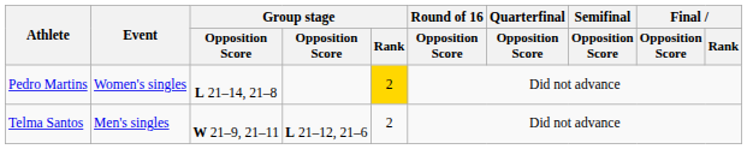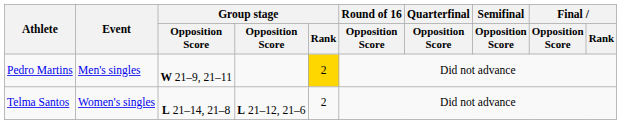 <table class="wikitable" style="font-size:90%">
 <tr>
 <th rowspan=2>Athlete</th>
 <th rowspan=2>Event</th>
 <th colspan=3>Group stage</th>
 <th>Round of 16</th>
 <th>Quarterfinal</th>
 <th>Semifinal</th>
 <th colspan=2>Final / </th>
 </tr>
 <tr style="font-size:95%">
 <th>Opposition<br>Score</th>
 <th>Opposition<br>Score</th>
 <th>Rank</th>
 <th>Opposition<br>Score</th>
 <th>Opposition<br>Score</th>
 <th>Opposition<br>Score</th>
 <th>Opposition<br>Score</th>
 <th>Rank</th>
 </tr>
 <tr align=center>
 <td align=left><a href='#'>Pedro Martins</a></td>
-<td align=left><a href='#'>Women's singles</a></td>
-<td><br><strong>L</strong> 21–14, 21–8</td>
+<td align=left><a href='#'>Men's singles</a></td>
+<td><br> <strong>W</strong> 21–9, 21–11</td>
 <td></td>
 <td style="background: gold;">2</td>
 <td colspan=5>Did not advance</td>
 </tr>
 <tr align=center>
 <td align=left><a href='#'>Telma Santos</a></td>
-<td align=left><a href='#'>Men's singles</a></td>
-<td><br> <strong>W</strong> 21–9, 21–11</td>
+<td align=left><a href='#'>Women's singles</a></td>
+<td><br><strong>L</strong> 21–14, 21–8</td>
 <td><br><strong>L</strong> 21–12, 21–6</td>
 <td>2</td>
 <td colspan=5>Did not advance</td>
 </tr>
 </table>
